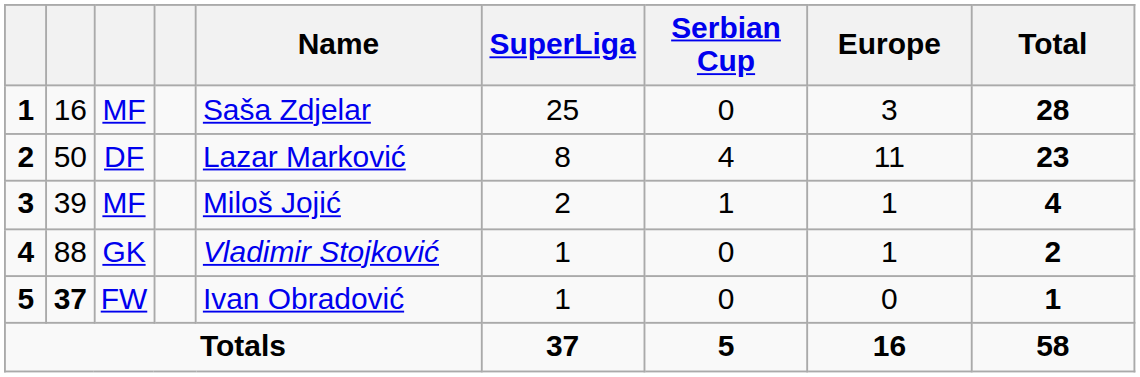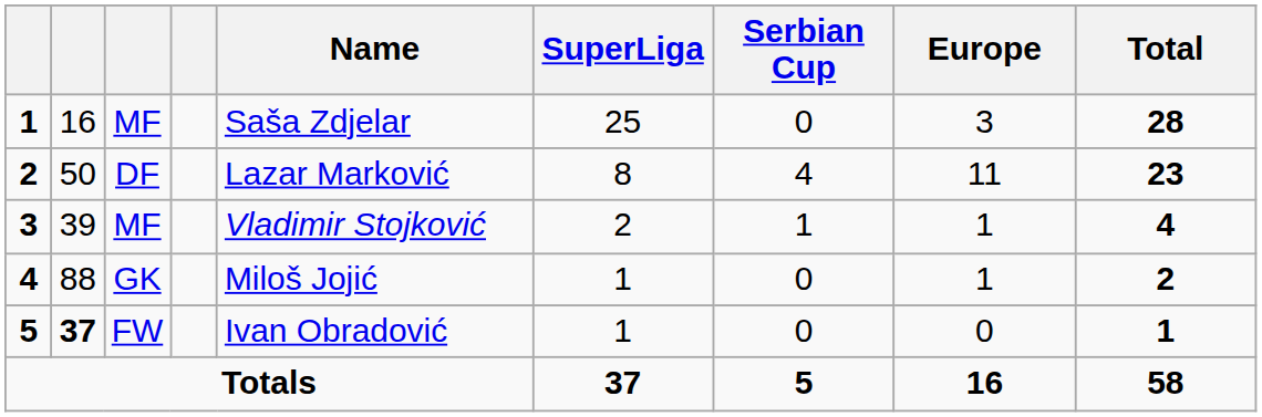 <table class="wikitable" style="text-align:center">
 <tr>
 <th width=15></th>
 <th width=15></th>
 <th width=15></th>
 <th width=15></th>
 <th width=145>Name</th>
 <th width=80><strong><a href='#'>SuperLiga</a></strong></th>
 <th width=80><strong><a href='#'>Serbian Cup</a></strong></th>
 <th width=80><strong>Europe</strong></th>
 <th width=80>Total</th>
 </tr>
 <tr>
 <td><strong>1</strong></td>
 <td>16</td>
 <td><a href='#'>MF</a></td>
 <td></td>
 <td align=left><a href='#'>Saša Zdjelar</a></td>
 <td>25</td>
 <td>0</td>
 <td>3</td>
 <td><strong>28</strong></td>
 </tr>
 <tr>
 <td><strong>2</strong></td>
 <td>50</td>
 <td><a href='#'>DF</a></td>
 <td></td>
 <td align=left><a href='#'>Lazar Marković</a></td>
 <td>8</td>
 <td>4</td>
 <td>11</td>
 <td><strong>23</strong></td>
 </tr>
 <tr>
 <td><strong>3</strong></td>
 <td>39</td>
 <td><a href='#'>MF</a></td>
 <td></td>
-<td align=left><a href='#'>Miloš Jojić</a></td>
+<td align=left><em><a href='#'>Vladimir Stojković</a></em></td>
 <td>2</td>
 <td>1</td>
 <td>1</td>
 <td><strong>4</strong></td>
 </tr>
 <tr>
 <td><strong>4</strong></td>
 <td>88</td>
 <td><a href='#'>GK</a></td>
 <td></td>
-<td align=left><em><a href='#'>Vladimir Stojković</a></em></td>
+<td align=left><a href='#'>Miloš Jojić</a></td>
 <td>1</td>
 <td>0</td>
 <td>1</td>
 <td><strong>2</strong></td>
 </tr>
 <tr>
 <td><strong>5</strong></td>
 <td><strong>37</strong></td>
 <td><a href='#'>FW</a></td>
 <td></td>
 <td align=left><a href='#'>Ivan Obradović</a></td>
 <td>1</td>
 <td>0</td>
 <td>0</td>
 <td><strong>1</strong></td>
 </tr>
 <tr>
 <td colspan=5><strong>Totals</strong></td>
 <td><strong>37</strong></td>
 <td><strong>5</strong></td>
 <td><strong>16</strong></td>
 <td><strong>58</strong></td>
 </tr>
 </table>
